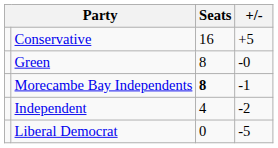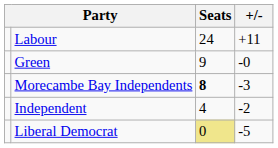 <table class="wikitable">
 <tr>
 <th colspan="2">Party</th>
 <th>Seats</th>
 <th>  +/-  </th>
 </tr>
 <tr>
 <td style="background-color: "></td>
-<td><a href='#'>Conservative</a></td>
-<td>16</td>
-<td>+5</td>
+<td><a href='#'>Labour</a></td>
+<td>24</td>
+<td>+11</td>
 </tr>
 <tr>
 <td style="background-color: "></td>
 <td><a href='#'>Green</a></td>
-<td>8</td>
+<td>9</td>
 <td>-0</td>
 </tr>
 <tr>
 <td style="background-color: "></td>
 <td><a href='#'>Morecambe Bay Independents</a></td>
 <td><strong>8</strong></td>
-<td>-1</td>
+<td>-3</td>
 </tr>
 <tr>
 <td style="background-color: "></td>
 <td><a href='#'>Independent</a></td>
 <td>4</td>
 <td>-2</td>
 </tr>
 <tr>
 <td style="background-color: "></td>
 <td><a href='#'>Liberal Democrat</a></td>
-<td>0</td>
+<td style="background: khaki;">0</td>
 <td>-5</td>
 </tr>
 </table>
